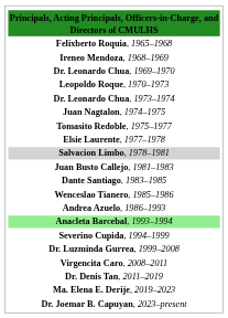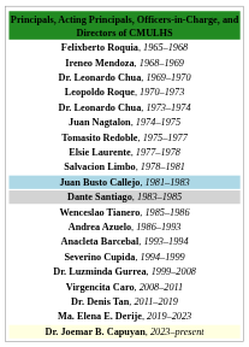 <table style="float:right; margin:1em 1em 1em 1em; width:20em; border: 1px solid #a0a0a0; padding: 2px; bg-color=black; text-align:right;">
 <tr style="text-align:center;">
 </tr>
 <tr bgcolor="#228B22" align="center">
 <td><span><strong><small>Principals, Acting Principals, Officers-in-Charge, and Directors of CMULHS</small></strong></span></td>
 </tr>
 <tr style="text-align:left; font-size:smaller;">
 <td align="center"><strong>Felixberto Roquia</strong>,  <em>1965–1968</em></td>
 </tr>
 <tr style="text-align:left; font-size:smaller;">
 <td align="center"><strong>Ireneo Mendoza</strong>,  <em>1968–1969</em></td>
 </tr>
 <tr style="text-align:left; font-size:smaller;">
 <td align="center"><strong>Dr. Leonardo Chua</strong>,  <em>1969–1970</em></td>
 </tr>
 <tr style="text-align:left; font-size:smaller;">
 <td align="center"><strong>Leopoldo Roque</strong>,  <em>1970–1973</em></td>
 </tr>
 <tr style="text-align:left; font-size:smaller;">
 <td align="center"><strong>Dr. Leonardo Chua</strong>,  <em>1973–1974</em></td>
 </tr>
 <tr style="text-align:left; font-size:smaller;">
 <td align="center"><strong>Juan Nagtalon</strong>,  <em>1974–1975</em></td>
 </tr>
 <tr style="text-align:left; font-size:smaller;">
 <td align="center"><strong>Tomasito Redoble</strong>,  <em>1975–1977</em></td>
 </tr>
 <tr style="text-align:left; font-size:smaller;">
 <td align="center"><strong>Elsie Laurente</strong>,  <em>1977–1978</em></td>
 </tr>
 <tr style="text-align:left; font-size:smaller;">
-<td align="center" style="background: lightgrey;"><strong>Salvacion Limbo</strong>,  <em>1978–1981</em></td>
+<td align="center"><strong>Salvacion Limbo</strong>,  <em>1978–1981</em></td>
 </tr>
 <tr style="text-align:left; font-size:smaller;">
-<td align="center"><strong>Juan Busto Callejo</strong>,  <em>1981–1983</em></td>
+<td align="center" style="background: lightblue;"><strong>Juan Busto Callejo</strong>,  <em>1981–1983</em></td>
 </tr>
 <tr style="text-align:left; font-size:smaller;">
-<td align="center"><strong>Dante Santiago</strong>,  <em>1983–1985</em></td>
+<td align="center" style="background: lightgrey;"><strong>Dante Santiago</strong>,  <em>1983–1985</em></td>
 </tr>
 <tr style="text-align:left; font-size:smaller;">
 <td align="center"><strong>Wenceslao Tianero</strong>,  <em>1985–1986</em></td>
 </tr>
 <tr style="text-align:left; font-size:smaller;">
 <td align="center"><strong>Andrea Azuelo</strong>,  <em>1986–1993</em></td>
 </tr>
 <tr style="text-align:left; font-size:smaller;">
-<td align="center" style="background: lightgreen;"><strong>Anacleta Barcebal</strong>,  <em>1993–1994</em></td>
+<td align="center"><strong>Anacleta Barcebal</strong>,  <em>1993–1994</em></td>
 </tr>
 <tr style="text-align:left; font-size:smaller;">
 <td align="center"><strong>Severino Cupida</strong>,  <em>1994–1999</em></td>
 </tr>
 <tr style="text-align:left; font-size:smaller;">
 <td align="center"><strong>Dr. Luzminda Gurrea</strong>,  <em>1999–2008</em></td>
 </tr>
 <tr style="text-align:left; font-size:smaller;">
 <td align="center"><strong>Virgencita Caro</strong>,  <em>2008–2011</em></td>
 </tr>
 <tr style="text-align:left; font-size:smaller;">
 <td align="center"><strong>Dr. Denis Tan</strong>,  <em>2011–2019</em></td>
 </tr>
 <tr style="text-align:left; font-size:smaller;">
 <td align="center"><strong>Ma. Elena E. Derije</strong>,  <em>2019–2023 </em></td>
 </tr>
 <tr style="text-align:left; font-size:smaller;">
-<td align="center"><strong>Dr. Joemar B. Capuyan</strong>, <em>2023–present </em></td>
+<td align="center" style="background: lightyellow;"><strong>Dr. Joemar B. Capuyan</strong>, <em>2023–present </em></td>
 </tr>
 </table>
